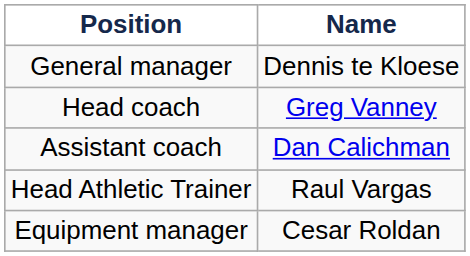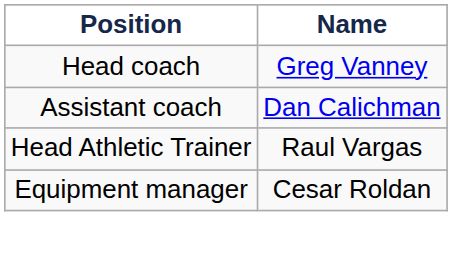 <table class="wikitable" style="text-align:center;">
 <tr>
 <th style="background:#FFFFFF; color:#15284B;">Position</th>
 <th style="background:#FFFFFF; color:#15284B;">Name</th>
-</tr>
-<tr>
-<td>General manager</td>
-<td> Dennis te Kloese</td>
 </tr>
 <tr>
 <td>Head coach</td>
 <td>  <a href='#'>Greg Vanney</a></td>
 </tr>
 <tr>
 <td>Assistant coach</td>
 <td>  <a href='#'>Dan Calichman</a></td>
 </tr>
 <tr>
 <td>Head Athletic Trainer</td>
 <td> Raul Vargas</td>
 </tr>
 <tr>
 <td>Equipment manager</td>
 <td> Cesar Roldan</td>
 </tr>
 </table>
